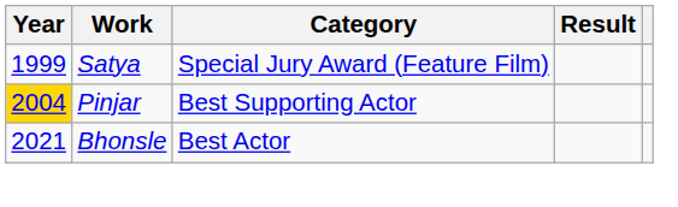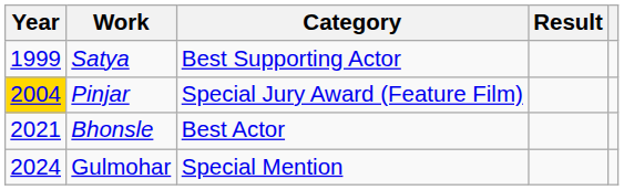 <table class="wikitable sortable"⁣>
 <tr ⁣>
 <th>Year⁣</th>
 <th>Work⁣</th>
 <th>Category⁣</th>
 <th>Result⁣</th>
 <th class="unsortable">⁣</th>
 </tr>
 <tr ⁣>
 <td><a href='#'>1999</a>⁣</td>
 <td><em><a href='#'>Satya</a></em>⁣</td>
-<td><a href='#'>Special Jury Award (Feature Film)</a>⁣</td>
+<td><a href='#'>Best Supporting Actor</a>⁣</td>
 <td>⁣</td>
 <td>⁣</td>
 </tr>
 <tr ⁣>
 <td style="background: gold;"><a href='#'>2004</a>⁣</td>
 <td><em><a href='#'>Pinjar</a></em>⁣</td>
-<td><a href='#'>Best Supporting Actor</a>⁣</td>
+<td><a href='#'>Special Jury Award (Feature Film)</a>⁣</td>
 <td>⁣</td>
 <td>⁣</td>
 </tr>
 <tr ⁣>
 <td><a href='#'>2021</a>⁣</td>
 <td><em><a href='#'>Bhonsle</a></em>⁣</td>
 <td><a href='#'>Best Actor</a>⁣</td>
 <td>⁣ </td>
 <td>⁣</td>
 </tr>
+<tr>
+<td><a href='#'>2024</a>⁣</td>
+<td><a href='#'>Gulmohar</a></td>
+<td><a href='#'>Special Mention</a></td>
+<td></td>
+<td></td>
+</tr>
 </table>
